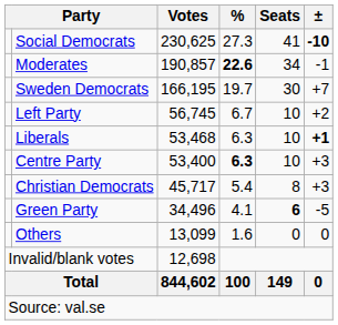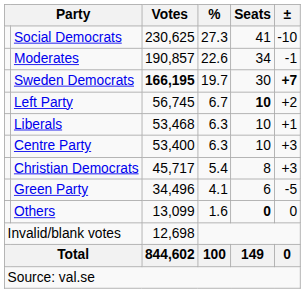 <table class=wikitable style=text-align:right>
 <tr>
 <th colspan=2>Party</th>
 <th>Votes</th>
 <th>%</th>
 <th>Seats</th>
 <th>±</th>
 </tr>
 <tr>
 <td bgcolor=></td>
 <td align=left><a href='#'>Social Democrats</a></td>
 <td>230,625</td>
 <td>27.3</td>
 <td>41</td>
-<td><strong>-10</strong></td>
+<td>-10</td>
 </tr>
 <tr>
 <td bgcolor=></td>
 <td align=left><a href='#'>Moderates</a></td>
 <td>190,857</td>
-<td><strong>22.6</strong></td>
+<td>22.6</td>
 <td>34</td>
 <td>-1</td>
 </tr>
 <tr>
 <td bgcolor=></td>
 <td align=left><a href='#'>Sweden Democrats</a></td>
-<td>166,195</td>
+<td><strong>166,195</strong></td>
 <td>19.7</td>
 <td>30</td>
-<td>+7</td>
+<td><strong>+7</strong></td>
 </tr>
 <tr>
 <td bgcolor=></td>
 <td align=left><a href='#'>Left Party</a></td>
 <td>56,745</td>
 <td>6.7</td>
-<td>10</td>
+<td><strong>10</strong></td>
 <td>+2</td>
 </tr>
 <tr>
 <td bgcolor=></td>
 <td align=left><a href='#'>Liberals</a></td>
 <td>53,468</td>
 <td>6.3</td>
 <td>10</td>
-<td><strong>+1</strong></td>
+<td>+1</td>
 </tr>
 <tr>
 <td bgcolor=></td>
 <td align=left><a href='#'>Centre Party</a></td>
 <td>53,400</td>
-<td><strong>6.3</strong></td>
+<td>6.3</td>
 <td>10</td>
 <td>+3</td>
 </tr>
 <tr>
 <td bgcolor=></td>
 <td align=left><a href='#'>Christian Democrats</a></td>
 <td>45,717</td>
 <td>5.4</td>
 <td>8</td>
 <td>+3</td>
 </tr>
 <tr>
 <td bgcolor=></td>
 <td align=left><a href='#'>Green Party</a></td>
 <td>34,496</td>
 <td>4.1</td>
-<td><strong>6</strong></td>
+<td>6</td>
 <td>-5</td>
 </tr>
 <tr>
 <td></td>
 <td align=left><a href='#'>Others</a></td>
 <td>13,099</td>
 <td>1.6</td>
-<td>0</td>
+<td><strong>0</strong></td>
 <td>0</td>
 </tr>
 <tr>
 <td align=left colspan=2>Invalid/blank votes</td>
 <td>12,698</td>
 <td colspan=3></td>
 </tr>
 <tr>
 <th align=left colspan=2>Total</th>
 <th>844,602</th>
 <th>100</th>
 <th>149</th>
 <th>0</th>
 </tr>
 <tr>
 <td align=left colspan=6>Source: val.se </td>
 </tr>
 </table>
